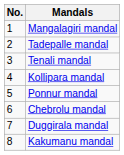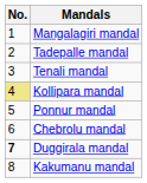 <table class="wikitable">
 <tr>
 <th>No.</th>
 <th>Mandals</th>
 </tr>
 <tr>
 <td>1</td>
 <td><a href='#'>Mangalagiri mandal</a></td>
 </tr>
 <tr>
 <td>2</td>
 <td><a href='#'>Tadepalle mandal</a></td>
 </tr>
 <tr>
 <td>3</td>
 <td><a href='#'>Tenali mandal</a></td>
 </tr>
 <tr>
-<td>4</td>
+<td style="background: khaki;">4</td>
 <td><a href='#'>Kollipara mandal</a></td>
 </tr>
 <tr>
 <td>5</td>
 <td><a href='#'>Ponnur mandal</a></td>
 </tr>
 <tr>
 <td>6</td>
 <td><a href='#'>Chebrolu mandal</a></td>
 </tr>
 <tr>
-<td>7</td>
+<td><strong>7</strong></td>
 <td><a href='#'>Duggirala mandal</a></td>
 </tr>
 <tr>
 <td>8</td>
 <td><a href='#'>Kakumanu mandal</a></td>
 </tr>
 </table>
